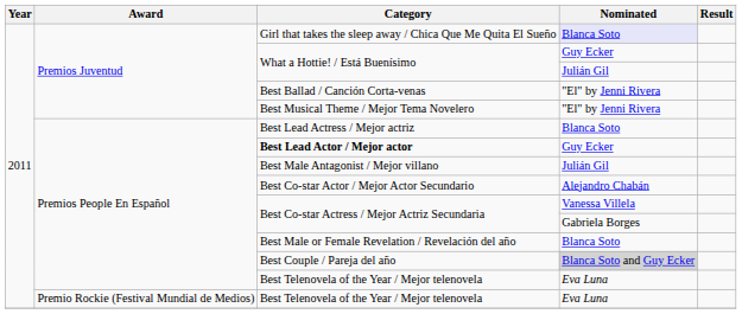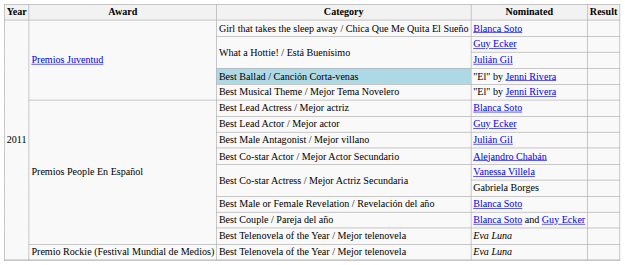 <table class="wikitable plainrowheaders">
 <tr>
 <th scope="col">Year</th>
 <th scope="col">Award</th>
 <th scope="col">Category</th>
 <th scope="col">Nominated</th>
 <th scope="col">Result</th>
 </tr>
 <tr>
 <td rowspan="15">2011</td>
 <td rowspan="5"><a href='#'>Premios Juventud</a></td>
 <td>Girl that takes the sleep away / Chica Que Me Quita El Sueño</td>
-<td style="background: lavender;"><a href='#'>Blanca Soto</a></td>
+<td><a href='#'>Blanca Soto</a></td>
 <td></td>
 </tr>
 <tr>
 <td rowspan="2">What a Hottie! / Está Buenísimo</td>
 <td><a href='#'>Guy Ecker</a></td>
 <td></td>
 </tr>
 <tr>
 <td><a href='#'>Julián Gil</a></td>
 <td></td>
 </tr>
 <tr>
-<td>Best Ballad / Canción Corta-venas</td>
+<td style="background: lightblue;">Best Ballad / Canción Corta-venas</td>
 <td>"El" by <a href='#'>Jenni Rivera</a></td>
 <td></td>
 </tr>
 <tr>
 <td>Best Musical Theme / Mejor Tema Novelero</td>
 <td>"El" by <a href='#'>Jenni Rivera</a></td>
 <td></td>
 </tr>
 <tr>
 <td rowspan="9">Premios People En Español</td>
 <td>Best Lead Actress / Mejor actriz</td>
 <td><a href='#'>Blanca Soto</a></td>
 <td></td>
 </tr>
 <tr>
-<td><strong>Best Lead Actor / Mejor actor</strong></td>
+<td>Best Lead Actor / Mejor actor</td>
 <td><a href='#'>Guy Ecker</a></td>
 <td></td>
 </tr>
 <tr>
 <td>Best Male Antagonist / Mejor villano</td>
 <td><a href='#'>Julián Gil</a></td>
 <td></td>
 </tr>
 <tr>
 <td>Best Co-star Actor / Mejor Actor Secundario</td>
 <td><a href='#'>Alejandro Chabán</a></td>
 <td></td>
 </tr>
 <tr>
 <td rowspan="2">Best Co-star Actress / Mejor Actriz Secundaria</td>
 <td><a href='#'>Vanessa Villela</a></td>
 <td></td>
 </tr>
 <tr>
 <td>Gabriela Borges</td>
 <td></td>
 </tr>
 <tr>
 <td>Best Male or Female Revelation / Revelación del año</td>
 <td><a href='#'>Blanca Soto</a></td>
 <td></td>
 </tr>
 <tr>
 <td>Best Couple / Pareja del año</td>
-<td style="background: lightgrey;"><a href='#'>Blanca Soto</a> and <a href='#'>Guy Ecker</a></td>
+<td><a href='#'>Blanca Soto</a> and <a href='#'>Guy Ecker</a></td>
 <td></td>
 </tr>
 <tr>
 <td>Best Telenovela of the Year / Mejor telenovela</td>
 <td><em>Eva Luna</em></td>
 <td></td>
 </tr>
 <tr>
 <td>Premio Rockie (Festival Mundial de Medios)</td>
 <td>Best Telenovela of the Year / Mejor telenovela</td>
 <td><em>Eva Luna</em></td>
 <td></td>
 </tr>
 <tr>
 </tr>
 </table>
